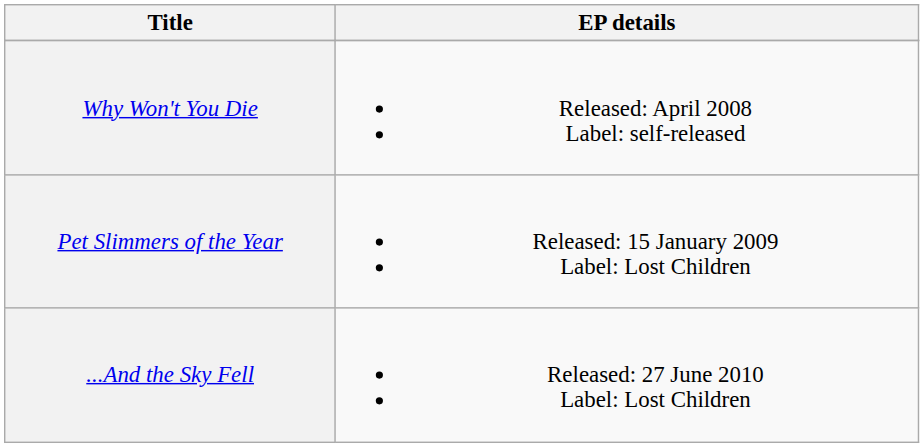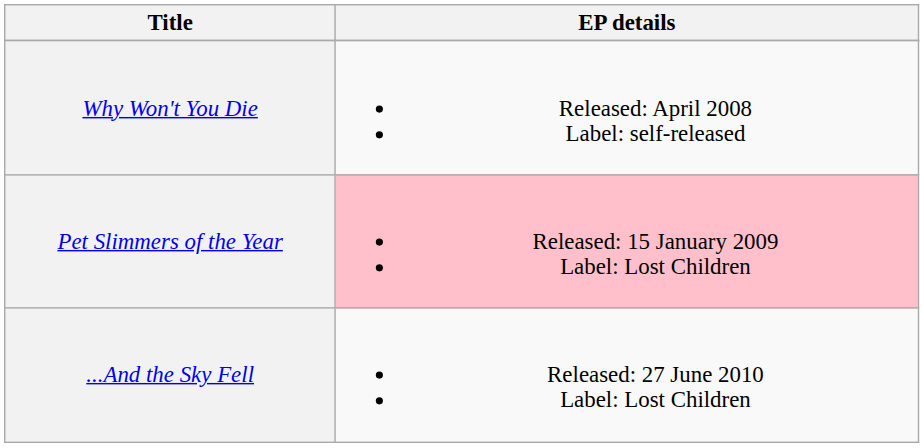 <table class="wikitable plainrowheaders" style="text-align:center;" border="1">
 <tr>
 <th rowspan="1" scope="col" style="width:14em;">Title</th>
 <th rowspan="1" scope="col" style="width:25em;">EP details</th>
 </tr>
 <tr>
 </tr>
 <tr>
 <th scope="row" style="font-weight:normal;"><em><a href='#'>Why Won't You Die</a></em></th>
 <td><br><ul><li>Released: April 2008</li><li>Label: self-released</li></ul></td>
 </tr>
 <tr>
 <th scope="row" style="font-weight:normal;"><em><a href='#'>Pet Slimmers of the Year</a></em></th>
-<td><br><ul><li>Released: 15 January 2009</li><li>Label: Lost Children</li></ul></td>
+<td style="background: pink;"><br><ul><li>Released: 15 January 2009</li><li>Label: Lost Children</li></ul></td>
 </tr>
 <tr>
 <th scope="row" style="font-weight:normal;"><em><a href='#'>...And the Sky Fell</a></em></th>
 <td><br><ul><li>Released: 27 June 2010</li><li>Label: Lost Children</li></ul></td>
 </tr>
 </table>
